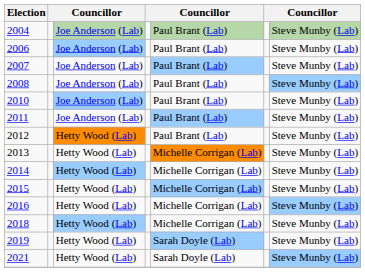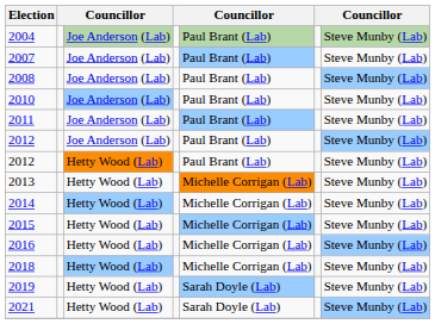 <table class="wikitable">
 <tr>
 <th>Election</th>
 <th colspan="2">Councillor</th>
 <th colspan="2">Councillor</th>
 <th colspan="2">Councillor</th>
 </tr>
 <tr>
 <td><a href='#'>2004</a></td>
 <td style="background-color: "></td>
 <td bgcolor="#B6D7A8"><a href='#'>Joe Anderson</a> (<a href='#'>Lab</a>)</td>
 <td style="background-color: "></td>
 <td bgcolor="#B6D7A8">Paul Brant (<a href='#'>Lab</a>)</td>
 <td style="background-color: "></td>
 <td bgcolor="#B6D7A8">Steve Munby (<a href='#'>Lab</a>)</td>
-</tr>
-<tr>
-<td><a href='#'>2006</a></td>
-<td style="background-color: "></td>
-<td bgcolor="#99CCFF"><a href='#'>Joe Anderson</a> (<a href='#'>Lab</a>)</td>
-<td style="background-color: "></td>
-<td>Paul Brant (<a href='#'>Lab</a>)</td>
-<td style="background-color: "></td>
-<td>Steve Munby (<a href='#'>Lab</a>)</td>
 </tr>
 <tr>
 <td><a href='#'>2007</a></td>
 <td style="background-color: "></td>
 <td><a href='#'>Joe Anderson</a> (<a href='#'>Lab</a>)</td>
 <td style="background-color: "></td>
 <td bgcolor="#99CCFF">Paul Brant (<a href='#'>Lab</a>)</td>
 <td style="background-color: "></td>
 <td>Steve Munby (<a href='#'>Lab</a>)</td>
 </tr>
 <tr>
 <td><a href='#'>2008</a></td>
 <td style="background-color: "></td>
 <td><a href='#'>Joe Anderson</a> (<a href='#'>Lab</a>)</td>
 <td style="background-color: "></td>
 <td>Paul Brant (<a href='#'>Lab</a>)</td>
 <td style="background-color: "></td>
 <td bgcolor="#99CCFF">Steve Munby (<a href='#'>Lab</a>)</td>
 </tr>
 <tr>
 <td><a href='#'>2010</a></td>
 <td style="background-color: "></td>
 <td bgcolor="#99CCFF"><a href='#'>Joe Anderson</a> (<a href='#'>Lab</a>)</td>
 <td style="background-color: "></td>
 <td>Paul Brant (<a href='#'>Lab</a>)</td>
 <td style="background-color: "></td>
 <td>Steve Munby (<a href='#'>Lab</a>)</td>
 </tr>
 <tr>
 <td><a href='#'>2011</a></td>
 <td style="background-color: "></td>
 <td><a href='#'>Joe Anderson</a> (<a href='#'>Lab</a>)</td>
 <td style="background-color: "></td>
 <td bgcolor="#99CCFF">Paul Brant (<a href='#'>Lab</a>)</td>
 <td style="background-color: "></td>
 <td>Steve Munby (<a href='#'>Lab</a>)</td>
+</tr>
+<tr>
+<td><a href='#'>2012</a></td>
+<td style="background-color: "></td>
+<td><a href='#'>Joe Anderson</a> (<a href='#'>Lab</a>)</td>
+<td style="background-color: "></td>
+<td>Paul Brant (<a href='#'>Lab</a>)</td>
+<td style="background-color: "></td>
+<td bgcolor="#99CCFF">Steve Munby (<a href='#'>Lab</a>)</td>
 </tr>
 <tr>
 <td>2012</td>
 <td style="background-color: "></td>
 <td bgcolor="#FF8C00">Hetty Wood (<a href='#'>Lab</a>)</td>
 <td style="background-color: "></td>
 <td>Paul Brant (<a href='#'>Lab</a>)</td>
 <td style="background-color: "></td>
 <td>Steve Munby (<a href='#'>Lab</a>)</td>
 </tr>
 <tr>
 <td>2013</td>
 <td style="background-color: "></td>
 <td>Hetty Wood (<a href='#'>Lab</a>)</td>
 <td style="background-color: "></td>
 <td bgcolor="#FF8C00">Michelle Corrigan (<a href='#'>Lab</a>)</td>
 <td style="background-color: "></td>
 <td>Steve Munby (<a href='#'>Lab</a>)</td>
 </tr>
 <tr>
 <td><a href='#'>2014</a></td>
 <td style="background-color: "></td>
 <td bgcolor="#99CCFF">Hetty Wood (<a href='#'>Lab</a>)</td>
 <td style="background-color: "></td>
 <td>Michelle Corrigan (<a href='#'>Lab</a>)</td>
 <td style="background-color: "></td>
 <td>Steve Munby (<a href='#'>Lab</a>)</td>
 </tr>
 <tr>
 <td><a href='#'>2015</a></td>
 <td style="background-color: "></td>
 <td>Hetty Wood (<a href='#'>Lab</a>)</td>
 <td style="background-color: "></td>
 <td bgcolor="#99CCFF">Michelle Corrigan (<a href='#'>Lab</a>)</td>
 <td style="background-color: "></td>
 <td>Steve Munby (<a href='#'>Lab</a>)</td>
 </tr>
 <tr>
 <td><a href='#'>2016</a></td>
 <td style="background-color: "></td>
 <td>Hetty Wood (<a href='#'>Lab</a>)</td>
 <td style="background-color: "></td>
 <td>Michelle Corrigan (<a href='#'>Lab</a>)</td>
 <td style="background-color: "></td>
 <td bgcolor="#99CCFF">Steve Munby (<a href='#'>Lab</a>)</td>
 </tr>
 <tr>
 <td><a href='#'>2018</a></td>
 <td style="background-color: "></td>
 <td bgcolor="#99CCFF">Hetty Wood (<a href='#'>Lab</a>)</td>
 <td style="background-color: "></td>
 <td>Michelle Corrigan (<a href='#'>Lab</a>)</td>
 <td style="background-color: "></td>
 <td>Steve Munby (<a href='#'>Lab</a>)</td>
 </tr>
 <tr>
 <td><a href='#'>2019</a></td>
 <td style="background-color: "></td>
 <td>Hetty Wood (<a href='#'>Lab</a>)</td>
 <td style="background-color: "></td>
 <td bgcolor="#99CCFF">Sarah Doyle (<a href='#'>Lab</a>)</td>
 <td style="background-color: "></td>
 <td>Steve Munby (<a href='#'>Lab</a>)</td>
 </tr>
 <tr>
 <td><a href='#'>2021</a></td>
 <td style="background-color: "></td>
 <td>Hetty Wood (<a href='#'>Lab</a>)</td>
 <td style="background-color: "></td>
 <td>Sarah Doyle (<a href='#'>Lab</a>)</td>
 <td style="background-color: "></td>
 <td bgcolor="#99CCFF">Steve Munby (<a href='#'>Lab</a>)</td>
 </tr>
 <tr>
 </tr>
 </table>
